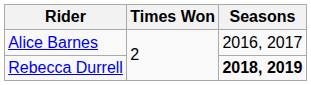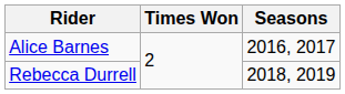 <table class="wikitable">
 <tr>
 <th>Rider</th>
 <th>Times Won</th>
 <th>Seasons</th>
 </tr>
 <tr>
 <td><a href='#'>Alice Barnes</a></td>
 <td rowspan="2">2</td>
 <td>2016, 2017</td>
 </tr>
 <tr>
 <td><a href='#'>Rebecca Durrell</a></td>
-<td><strong>2018, 2019</strong></td>
+<td>2018, 2019</td>
 </tr>
 </table>
